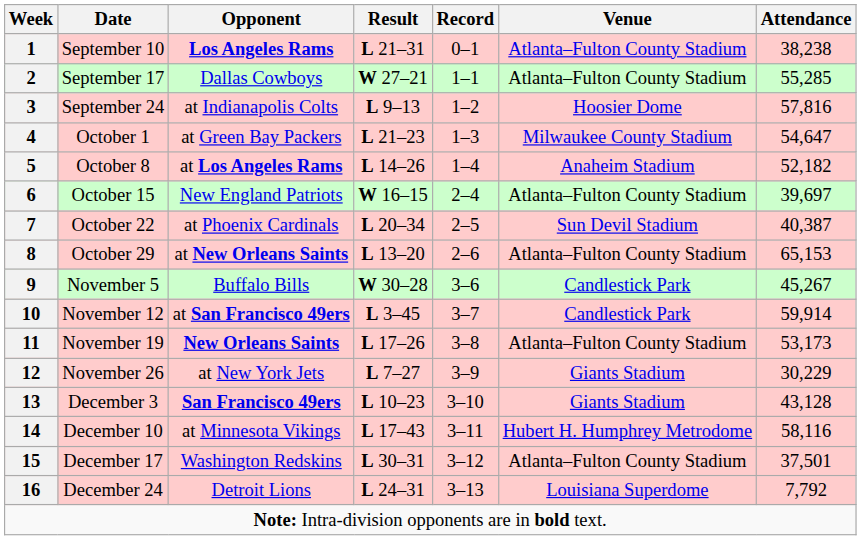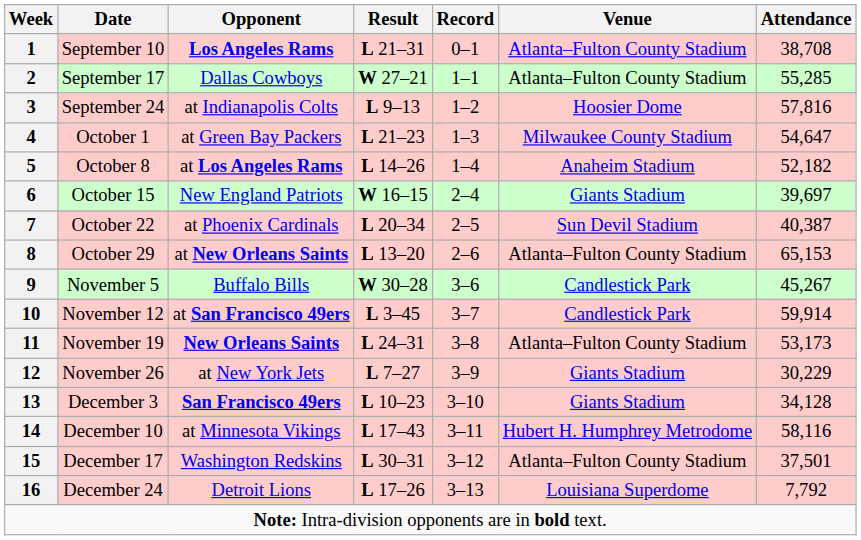 <table class="wikitable" align="center"  style="text-align: center;">
 <tr>
 <th>Week</th>
 <th>Date</th>
 <th>Opponent</th>
 <th>Result</th>
 <th>Record</th>
 <th>Venue</th>
 <th>Attendance</th>
 </tr>
 <tr style="background:#fcc">
 <th>1</th>
 <td>September 10</td>
 <td><strong><a href='#'>Los Angeles Rams</a></strong></td>
 <td><strong>L</strong> 21–31</td>
 <td>0–1</td>
 <td><a href='#'>Atlanta–Fulton County Stadium</a></td>
-<td>38,238</td>
+<td>38,708</td>
 </tr>
 <tr style="background:#cfc">
 <th>2</th>
 <td>September 17</td>
 <td><a href='#'>Dallas Cowboys</a></td>
 <td><strong>W</strong> 27–21</td>
 <td>1–1</td>
 <td>Atlanta–Fulton County Stadium</td>
 <td>55,285</td>
 </tr>
 <tr style="background:#fcc">
 <th>3</th>
 <td>September 24</td>
 <td>at <a href='#'>Indianapolis Colts</a></td>
 <td><strong>L</strong> 9–13</td>
 <td>1–2</td>
 <td><a href='#'>Hoosier Dome</a></td>
 <td>57,816</td>
 </tr>
 <tr style="background:#fcc">
 <th>4</th>
 <td>October 1</td>
 <td>at <a href='#'>Green Bay Packers</a></td>
 <td><strong>L</strong> 21–23</td>
 <td>1–3</td>
 <td><a href='#'>Milwaukee County Stadium</a></td>
 <td>54,647</td>
 </tr>
 <tr style="background:#fcc">
 <th>5</th>
 <td>October 8</td>
 <td>at <strong><a href='#'>Los Angeles Rams</a></strong></td>
 <td><strong>L</strong> 14–26</td>
 <td>1–4</td>
 <td><a href='#'>Anaheim Stadium</a></td>
 <td>52,182</td>
 </tr>
 <tr style="background:#cfc">
 <th>6</th>
 <td>October 15</td>
 <td><a href='#'>New England Patriots</a></td>
 <td><strong>W</strong> 16–15</td>
 <td>2–4</td>
-<td>Atlanta–Fulton County Stadium</td>
+<td><a href='#'>Giants Stadium</a></td>
 <td>39,697</td>
 </tr>
 <tr style="background:#fcc">
 <th>7</th>
 <td>October 22</td>
 <td>at <a href='#'>Phoenix Cardinals</a></td>
 <td><strong>L</strong> 20–34</td>
 <td>2–5</td>
 <td><a href='#'>Sun Devil Stadium</a></td>
 <td>40,387</td>
 </tr>
 <tr style="background:#fcc">
 <th>8</th>
 <td>October 29</td>
 <td>at <strong><a href='#'>New Orleans Saints</a></strong></td>
 <td><strong>L</strong> 13–20</td>
 <td>2–6</td>
 <td>Atlanta–Fulton County Stadium</td>
 <td>65,153</td>
 </tr>
 <tr style="background:#cfc">
 <th>9</th>
 <td>November 5</td>
 <td><a href='#'>Buffalo Bills</a></td>
 <td><strong>W</strong> 30–28</td>
 <td>3–6</td>
 <td><a href='#'>Candlestick Park</a></td>
 <td>45,267</td>
 </tr>
 <tr style="background:#fcc">
 <th>10</th>
 <td>November 12</td>
 <td>at <strong><a href='#'>San Francisco 49ers</a></strong></td>
 <td><strong>L</strong> 3–45</td>
 <td>3–7</td>
 <td><a href='#'>Candlestick Park</a></td>
 <td>59,914</td>
 </tr>
 <tr style="background:#fcc">
 <th>11</th>
 <td>November 19</td>
 <td><strong><a href='#'>New Orleans Saints</a></strong></td>
-<td><strong>L</strong> 17–26</td>
+<td><strong>L</strong> 24–31</td>
 <td>3–8</td>
 <td>Atlanta–Fulton County Stadium</td>
 <td>53,173</td>
 </tr>
 <tr style="background:#fcc">
 <th>12</th>
 <td>November 26</td>
 <td>at <a href='#'>New York Jets</a></td>
 <td><strong>L</strong> 7–27</td>
 <td>3–9</td>
 <td><a href='#'>Giants Stadium</a></td>
 <td>30,229</td>
 </tr>
 <tr style="background:#fcc">
 <th>13</th>
 <td>December 3</td>
 <td><strong><a href='#'>San Francisco 49ers</a></strong></td>
 <td><strong>L</strong> 10–23</td>
 <td>3–10</td>
 <td><a href='#'>Giants Stadium</a></td>
-<td>43,128</td>
+<td>34,128</td>
 </tr>
 <tr style="background:#fcc">
 <th>14</th>
 <td>December 10</td>
 <td>at <a href='#'>Minnesota Vikings</a></td>
 <td><strong>L</strong> 17–43</td>
 <td>3–11</td>
 <td><a href='#'>Hubert H. Humphrey Metrodome</a></td>
 <td>58,116</td>
 </tr>
 <tr style="background:#fcc">
 <th>15</th>
 <td>December 17</td>
 <td><a href='#'>Washington Redskins</a></td>
 <td><strong>L</strong> 30–31</td>
 <td>3–12</td>
 <td>Atlanta–Fulton County Stadium</td>
 <td>37,501</td>
 </tr>
 <tr style="background:#fcc">
 <th>16</th>
 <td>December 24</td>
 <td><a href='#'>Detroit Lions</a></td>
-<td><strong>L</strong> 24–31</td>
+<td><strong>L</strong> 17–26</td>
 <td>3–13</td>
 <td><a href='#'>Louisiana Superdome</a></td>
 <td>7,792</td>
 </tr>
 <tr>
 <td colspan="7"><strong>Note:</strong> Intra-division opponents are in <strong>bold</strong> text.</td>
 </tr>
 </table>
